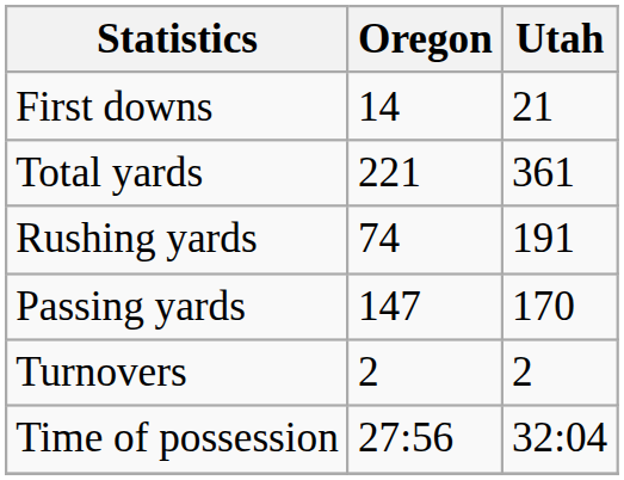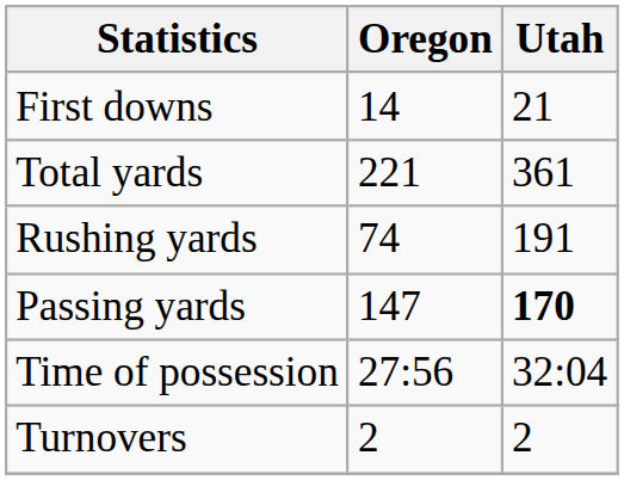 <table class="wikitable">
 <tr>
 <th>Statistics</th>
 <th>Oregon</th>
 <th>Utah</th>
 </tr>
 <tr>
 <td>First downs</td>
 <td>14</td>
 <td>21</td>
 </tr>
 <tr>
 <td>Total yards</td>
 <td>221</td>
 <td>361</td>
 </tr>
 <tr>
 <td>Rushing yards</td>
 <td>74</td>
 <td>191</td>
 </tr>
 <tr>
 <td>Passing yards</td>
 <td>147</td>
-<td>170</td>
+<td><strong>170</strong></td>
+</tr>
+<tr>
+<td>Time of possession</td>
+<td>27:56</td>
+<td>32:04</td>
 </tr>
 <tr>
 <td>Turnovers</td>
 <td>2</td>
 <td>2</td>
 </tr>
 <tr>
-<td>Time of possession</td>
-<td>27:56</td>
-<td>32:04</td>
-</tr>
-<tr>
 </tr>
 </table>
